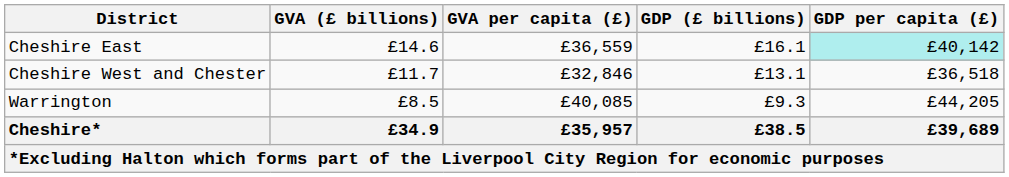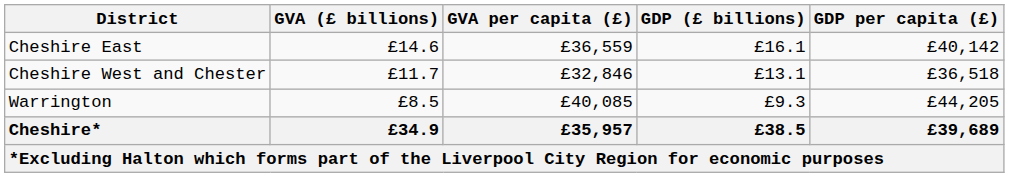 <table class="wikitable sortable" style="text-align:right;">
 <tr style="text-align:left;">
 <th>District</th>
 <th>GVA (£ billions)</th>
 <th>GVA per capita (£)</th>
 <th>GDP (£ billions)</th>
 <th>GDP per capita (£)</th>
 </tr>
 <tr>
 <td style="text-align:left;">Cheshire East</td>
 <td>£14.6</td>
 <td>£36,559</td>
 <td>£16.1</td>
-<td style="background: paleturquoise;">£40,142</td>
+<td>£40,142</td>
 </tr>
 <tr>
 <td style="text-align:left;">Cheshire West and Chester</td>
 <td>£11.7</td>
 <td>£32,846</td>
 <td>£13.1</td>
 <td>£36,518</td>
 </tr>
 <tr>
 <td style="text-align:left;">Warrington</td>
 <td>£8.5</td>
 <td>£40,085</td>
 <td>£9.3</td>
 <td>£44,205</td>
 </tr>
 <tr>
 <th style="text-align:left;">Cheshire*</th>
 <th style="text-align:right;">£34.9</th>
 <th style="text-align:right;">£35,957</th>
 <th style="text-align:right;">£38.5</th>
 <th style="text-align:right;">£39,689</th>
 </tr>
 <tr>
 <th style="text-align:left;" colspan="5">*Excluding Halton which forms part of the Liverpool City Region for economic purposes</th>
 </tr>
 </table>
